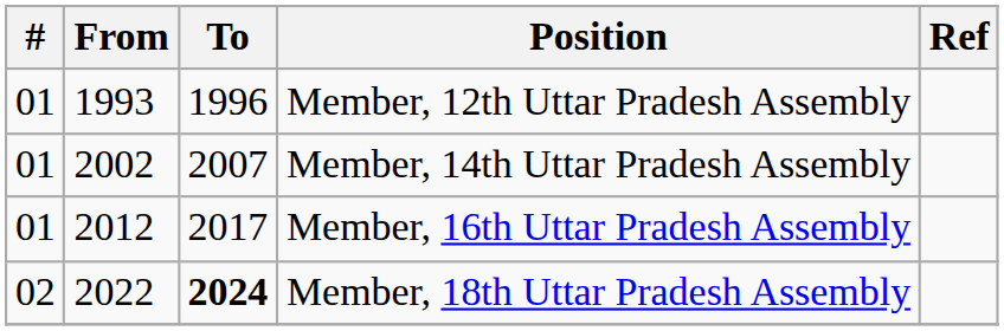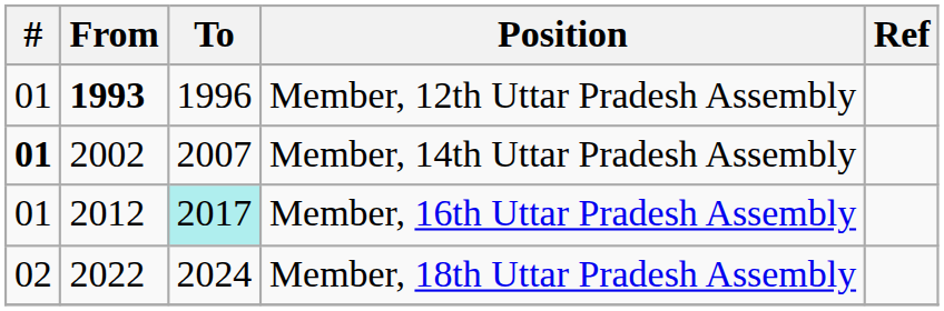 <table class="wikitable sortable">
 <tr>
 <th>#</th>
 <th>From</th>
 <th>To</th>
 <th>Position</th>
 <th>Ref</th>
 </tr>
 <tr>
 <td>01</td>
-<td>1993</td>
+<td><strong>1993</strong></td>
 <td>1996</td>
 <td>Member, 12th Uttar Pradesh Assembly</td>
 <td></td>
 </tr>
 <tr>
-<td>01</td>
+<td><strong>01</strong></td>
 <td>2002</td>
 <td>2007</td>
 <td>Member, 14th Uttar Pradesh Assembly</td>
 <td></td>
 </tr>
 <tr>
 <td>01</td>
 <td>2012</td>
-<td>2017</td>
+<td style="background: paleturquoise;">2017</td>
 <td>Member, <a href='#'>16th Uttar Pradesh Assembly</a></td>
 <td></td>
 </tr>
 <tr>
 <td>02</td>
 <td>2022</td>
-<td><strong>2024</strong></td>
+<td>2024</td>
 <td>Member, <a href='#'>18th Uttar Pradesh Assembly</a></td>
 <td></td>
 </tr>
 <tr>
 </tr>
 </table>
